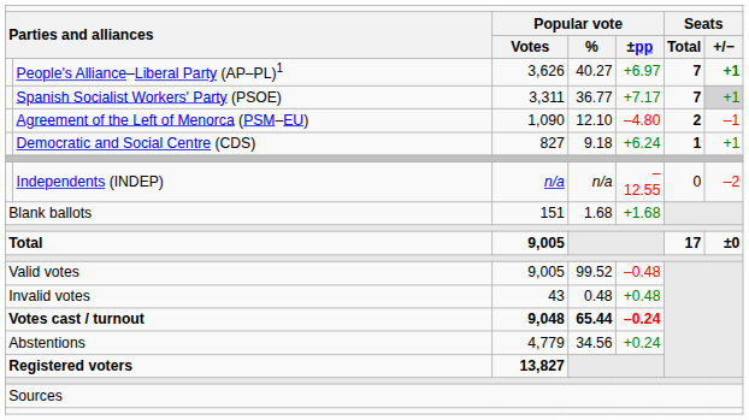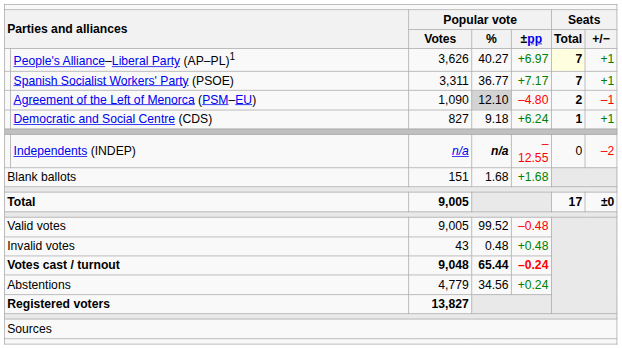 <table class="wikitable" style="text-align:right;">
 <tr>
 <td colspan="7"></td>
 </tr>
 <tr>
 <th style="text-align:left;" rowspan="2" colspan="2" width="525">Parties and alliances</th>
 <th colspan="3">Popular vote</th>
 <th colspan="2">Seats</th>
 </tr>
 <tr>
 <th width="75">Votes</th>
 <th width="45">%</th>
 <th width="45">±<a href='#'>pp</a></th>
 <th width="35">Total</th>
 <th width="35">+/−</th>
 </tr>
 <tr>
 <td width="1" style="color:inherit;background:"></td>
 <td align="left"><a href='#'>People's Alliance</a>–<a href='#'>Liberal Party</a> (AP–PL)<sup>1</sup></td>
 <td>3,626</td>
 <td>40.27</td>
 <td style="color:green;">+6.97</td>
-<td><strong>7</strong></td>
-<td style="color:green;"><strong>+1</strong></td>
+<td style="background: lightyellow;"><strong>7</strong></td>
+<td style="color:green;">+1</td>
 </tr>
 <tr>
 <td style="color:inherit;background:"></td>
 <td align="left"><a href='#'>Spanish Socialist Workers' Party</a> (PSOE)</td>
 <td>3,311</td>
 <td>36.77</td>
 <td style="color:green;">+7.17</td>
 <td><strong>7</strong></td>
-<td style="background: lightgrey; color:green;">+1</td>
+<td style="color:green;">+1</td>
 </tr>
 <tr>
 <td style="color:inherit;background:"></td>
 <td align="left"><a href='#'>Agreement of the Left of Menorca</a> (<a href='#'>PSM</a>–<a href='#'>EU</a>)</td>
 <td>1,090</td>
-<td>12.10</td>
+<td style="background: lightgrey;">12.10</td>
 <td style="color:red;">–4.80</td>
 <td><strong>2</strong></td>
 <td style="color:red;">–1</td>
 </tr>
 <tr>
 <td style="color:inherit;background:"></td>
 <td align="left"><a href='#'>Democratic and Social Centre</a> (CDS)</td>
 <td>827</td>
 <td>9.18</td>
 <td style="color:green;">+6.24</td>
 <td><strong>1</strong></td>
 <td style="color:green;">+1</td>
 </tr>
 <tr>
 <td colspan="7" bgcolor="#C0C0C0"></td>
 </tr>
 <tr>
 <td style="color:inherit;background:"></td>
 <td align="left"><a href='#'>Independents</a> (INDEP)</td>
 <td><em><a href='#'>n/a</a></em></td>
-<td><em>n/a</em></td>
+<td><strong><em>n/a</em></strong></td>
 <td style="color:red;">–12.55</td>
 <td>0</td>
 <td style="color:red;">–2</td>
 </tr>
 <tr>
 <td align="left" colspan="2">Blank ballots</td>
 <td>151</td>
 <td>1.68</td>
 <td style="color:green;">+1.68</td>
 <td bgcolor="#E9E9E9" colspan="2"></td>
 </tr>
 <tr>
 <td colspan="7" bgcolor="#E9E9E9"></td>
 </tr>
 <tr style="font-weight:bold;">
 <td align="left" colspan="2">Total</td>
 <td>9,005</td>
 <td bgcolor="#E9E9E9" colspan="2"></td>
 <td>17</td>
 <td>±0</td>
 </tr>
 <tr>
 <td colspan="7" bgcolor="#E9E9E9"></td>
 </tr>
 <tr>
 <td align="left" colspan="2">Valid votes</td>
 <td>9,005</td>
 <td>99.52</td>
 <td style="color:red;">–0.48</td>
 <td bgcolor="#E9E9E9" colspan="2" rowspan="5"></td>
 </tr>
 <tr>
 <td align="left" colspan="2">Invalid votes</td>
 <td>43</td>
 <td>0.48</td>
 <td style="color:green;">+0.48</td>
 </tr>
 <tr style="font-weight:bold;">
 <td align="left" colspan="2">Votes cast / turnout</td>
 <td>9,048</td>
 <td>65.44</td>
 <td style="color:red;">–0.24</td>
 </tr>
 <tr>
 <td align="left" colspan="2">Abstentions</td>
 <td>4,779</td>
 <td>34.56</td>
 <td style="color:green;">+0.24</td>
 </tr>
 <tr style="font-weight:bold;">
 <td align="left" colspan="2">Registered voters</td>
 <td>13,827</td>
 <td bgcolor="#E9E9E9" colspan="2"></td>
 </tr>
 <tr>
 <td colspan="7" bgcolor="#E9E9E9"></td>
 </tr>
 <tr>
 <td align="left" colspan="7">Sources</td>
 </tr>
 <tr>
 <td colspan="7" style="text-align:left; max-width:790px;"></td>
 </tr>
 </table>
